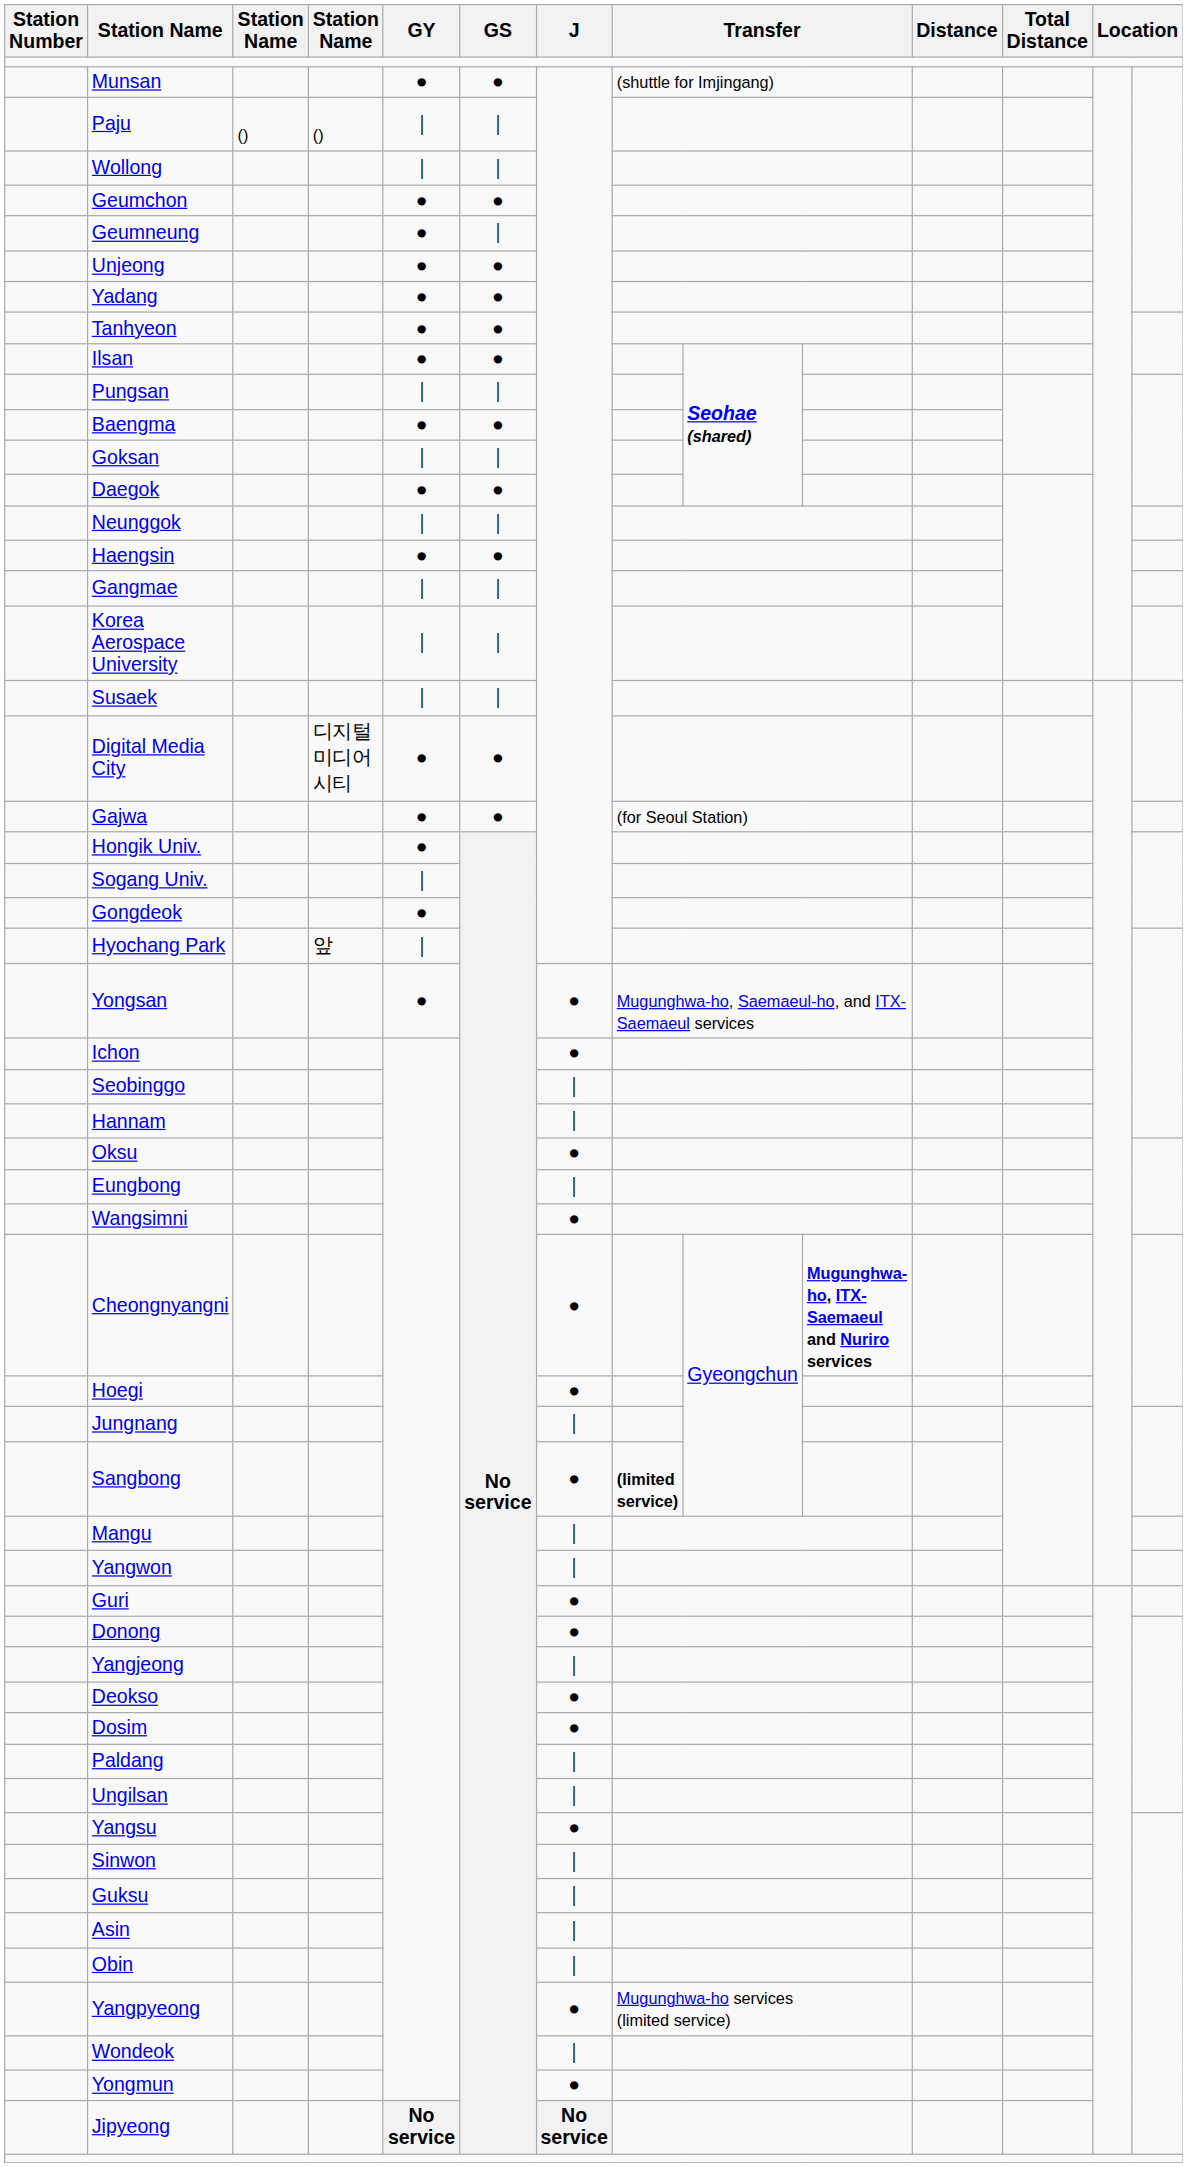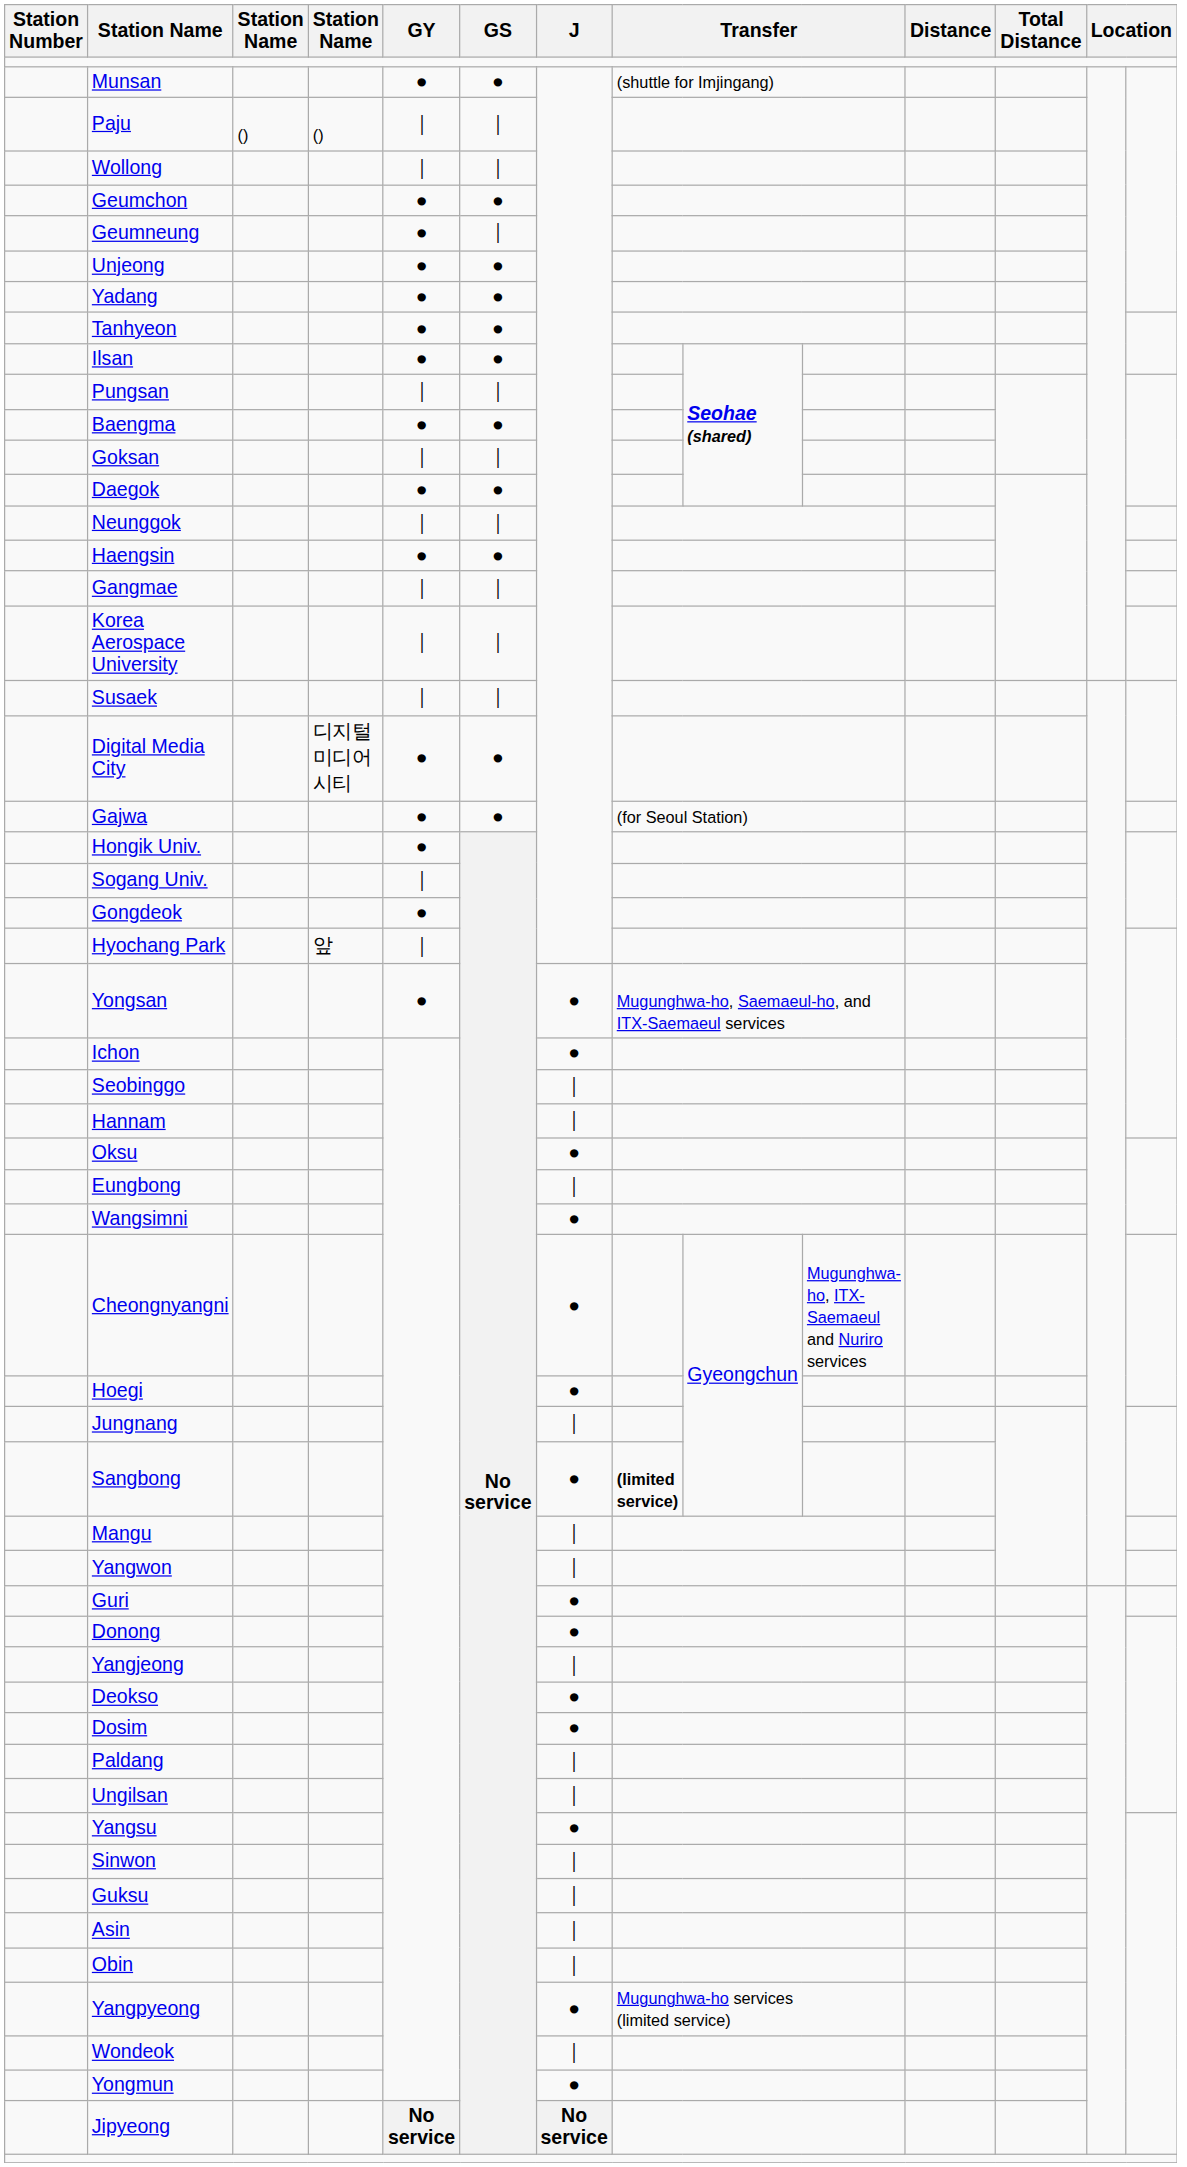 <table class="wikitable">
 <tr>
 <th>Station<br>Number</th>
 <th>Station Name<br></th>
 <th>Station Name<br></th>
 <th>Station Name<br></th>
 <th style="width:35px;"><span>GY</span></th>
 <th style="width:35px;"><span>GS</span></th>
 <th style="width:35px;"><span>J</span></th>
 <th colspan = "3">Transfer</th>
 <th>Distance<br></th>
 <th>Total<br>Distance</th>
 <th colspan = "2">Location</th>
 </tr>
 <tr style="background:#">
 <td colspan = "14"></td>
 </tr>
 <tr>
 <td></td>
 <td><a href='#'>Munsan</a></td>
 <td></td>
 <td></td>
 <td align=center>●</td>
 <td align=center>●</td>
 <td rowspan = "24"></td>
 <td colspan="3"> <small>(shuttle for Imjingang)</small></td>
 <td></td>
 <td></td>
 <td rowspan = "17"></td>
 <td rowspan = "7"></td>
 </tr>
 <tr>
 <td></td>
 <td><a href='#'>Paju</a></td>
 <td> <br><small>()</small></td>
 <td><br><small>()</small></td>
 <td align=center>｜</td>
 <td align=center>｜</td>
 <td colspan="3"></td>
 <td></td>
 <td></td>
 </tr>
 <tr>
 <td></td>
 <td><a href='#'>Wollong</a></td>
 <td></td>
 <td></td>
 <td align=center>｜</td>
 <td align=center>｜</td>
 <td colspan="3"></td>
 <td></td>
 <td></td>
 </tr>
 <tr>
 <td></td>
 <td><a href='#'>Geumchon</a></td>
 <td></td>
 <td></td>
 <td align=center>●</td>
 <td align=center>●</td>
 <td colspan="3"></td>
 <td></td>
 <td></td>
 </tr>
 <tr>
 <td></td>
 <td><a href='#'>Geumneung</a></td>
 <td></td>
 <td></td>
 <td align=center>●</td>
 <td align=center>｜</td>
 <td colspan="3"></td>
 <td></td>
 <td></td>
 </tr>
 <tr>
 <td></td>
 <td><a href='#'>Unjeong</a></td>
 <td></td>
 <td></td>
 <td align=center>●</td>
 <td align=center>●</td>
 <td colspan="3"></td>
 <td></td>
 <td></td>
 </tr>
 <tr>
 <td></td>
 <td><a href='#'>Yadang</a></td>
 <td></td>
 <td></td>
 <td align=center>●</td>
 <td align=center>●</td>
 <td colspan="3"></td>
 <td></td>
 <td></td>
 </tr>
 <tr>
 <td></td>
 <td><a href='#'>Tanhyeon</a></td>
 <td></td>
 <td></td>
 <td align=center>●</td>
 <td align=center>●</td>
 <td colspan="3"></td>
 <td></td>
 <td></td>
 <td rowspan = "2" width = "100pt"></td>
 </tr>
 <tr>
 <td></td>
 <td><a href='#'>Ilsan</a></td>
 <td></td>
 <td></td>
 <td align=center>●</td>
 <td align=center>●</td>
 <td style="color:white;background-color:#"></td>
 <td rowspan=5 style="width:60px;"><strong><em><a href='#'>Seohae</a><strong><br><small>(shared)</small><em></td>
 <td></td>
 <td></td>
 <td></td>
 </tr>
 <tr>
 <td></td>
 <td><a href='#'>Pungsan</a></td>
 <td></td>
 <td></td>
 <td align=center>｜</td>
 <td align=center>｜</td>
 <td></td>
 <td></td>
 <td></td>
 <td rowspan = "3" width = "100pt"></td>
 </tr>
 <tr>
 <td></td>
 <td><a href='#'>Baengma</a></td>
 <td></td>
 <td></td>
 <td align=center>●</td>
 <td align=center>●</td>
 <td></td>
 <td></td>
 <td></td>
 </tr>
 <tr>
 <td></td>
 <td><a href='#'>Goksan</a></td>
 <td></td>
 <td></td>
 <td align=center>｜</td>
 <td align=center>｜</td>
 <td></td>
 <td></td>
 <td></td>
 </tr>
 <tr>
 <td></td>
 <td><a href='#'>Daegok</a></td>
 <td></td>
 <td></td>
 <td align=center>●</td>
 <td align=center>●</td>
 <td></td>
 <td></td>
 <td></td>
 <td rowspan = "5" width = "100pt"></td>
 </tr>
 <tr>
 <td></td>
 <td><a href='#'>Neunggok</a></td>
 <td></td>
 <td></td>
 <td align=center>｜</td>
 <td align=center>｜</td>
 <td colspan = "3"></td>
 <td></td>
 <td></td>
 </tr>
 <tr>
 <td></td>
 <td><a href='#'>Haengsin</a></td>
 <td></td>
 <td></td>
 <td align=center>●</td>
 <td align=center>●</td>
 <td colspan = "3"></td>
 <td></td>
 <td></td>
 </tr>
 <tr>
 <td></td>
 <td><a href='#'>Gangmae</a></td>
 <td></td>
 <td></td>
 <td align=center>｜</td>
 <td align=center>｜</td>
 <td colspan = "3"></td>
 <td></td>
 <td></td>
 </tr>
 <tr>
 <td></td>
 <td><a href='#'>Korea Aerospace University</a></td>
 <td></td>
 <td></td>
 <td align=center>｜</td>
 <td align=center>｜</td>
 <td colspan = "3"></td>
 <td></td>
 <td></td>
 </tr>
 <tr>
 <td></td>
 <td><a href='#'>Susaek</a></td>
 <td></td>
 <td></td>
 <td align=center>｜</td>
 <td align=center>｜</td>
 <td colspan = "3"></td>
 <td></td>
 <td></td>
 <td rowspan = "20" width = "75pt"></td>
 <td rowspan = "2" width = "100pt"></td>
 </tr>
 <tr>
 <td></td>
 <td><a href='#'>Digital Media City</a></td>
 <td></td>
 <td>디지털미디어시티</td>
 <td align=center>●</td>
 <td align=center>●</td>
 <td colspan = "3"> </td>
 <td></td>
 <td></td>
 </tr>
 <tr>
 <td></td>
 <td><a href='#'>Gajwa</a></td>
 <td></td>
 <td></td>
 <td align=center>●</td>
 <td align=center>●</td>
 <td colspan = "3"> <small>(for Seoul Station)</small></td>
 <td></td>
 <td></td>
 <td rowspan = "1" width = "100pt"></td>
 </tr>
 <tr>
 <td></td>
 <td><a href='#'>Hongik Univ.</a></td>
 <td></td>
 <td></td>
 <td align=center>●</td>
 <th align="center" rowspan = 33>No service</th>
 <td colspan = "3"> </td>
 <td></td>
 <td></td>
 <td rowspan = "3" width = "100pt"></td>
 </tr>
 <tr>
 <td></td>
 <td><a href='#'>Sogang Univ.</a></td>
 <td></td>
 <td></td>
 <td align=center>｜</td>
 <td colspan = "3"></td>
 <td></td>
 <td></td>
 </tr>
 <tr>
 <td></td>
 <td><a href='#'>Gongdeok</a></td>
 <td></td>
 <td></td>
 <td align=center>●</td>
 <td colspan = "3">  </td>
 <td></td>
 <td></td>
 </tr>
 <tr>
 <td></td>
 <td><a href='#'>Hyochang Park</a></td>
 <td></td>
 <td>앞</td>
 <td align=center>｜</td>
 <td colspan = "3"></td>
 <td></td>
 <td></td>
 <td rowspan = "5" width = "100pt"></td>
 </tr>
 <tr>
 <td></td>
 <td><a href='#'>Yongsan</a></td>
 <td></td>
 <td></td>
 <td align=center>●</td>
 <td align=center>●</td>
 <td colspan = "3"><br> <small><a href='#'>Mugunghwa-ho</a>, <a href='#'>Saemaeul-ho</a>, and <a href='#'>ITX-Saemaeul</a> services</small><br></td>
 <td></td>
 <td></td>
 </tr>
 <tr>
 <td></td>
 <td><a href='#'>Ichon</a></td>
 <td></td>
 <td></td>
 <td rowspan = "27"></td>
 <td align=center>●</td>
 <td colspan = "3"></td>
 <td></td>
 <td></td>
 </tr>
 <tr>
 <td></td>
 <td><a href='#'>Seobinggo</a></td>
 <td></td>
 <td></td>
 <td align=center>｜</td>
 <td colspan = "3"></td>
 <td></td>
 <td></td>
 </tr>
 <tr>
 <td></td>
 <td><a href='#'>Hannam</a></td>
 <td></td>
 <td></td>
 <td align=center>｜</td>
 <td colspan = "3"></td>
 <td></td>
 <td></td>
 </tr>
 <tr>
 <td></td>
 <td><a href='#'>Oksu</a></td>
 <td></td>
 <td></td>
 <td align=center>●</td>
 <td colspan = "3"></td>
 <td></td>
 <td></td>
 <td rowspan = "3"></td>
 </tr>
 <tr>
 <td></td>
 <td><a href='#'>Eungbong</a></td>
 <td></td>
 <td></td>
 <td align=center>｜</td>
 <td colspan = "3"></td>
 <td></td>
 <td></td>
 </tr>
 <tr>
 <td></td>
 <td><a href='#'>Wangsimni</a></td>
 <td></td>
 <td></td>
 <td align=center>●</td>
 <td colspan = "3">  </td>
 <td></td>
 <td></td>
 </tr>
 <tr>
 <td></td>
 <td><a href='#'>Cheongnyangni</a></td>
 <td></td>
 <td></td>
 <td align=center>●</td>
 <td style="color:white;background-color:#"></td>
 <td rowspan="4" style="width:60px;"></strong><a href='#'>Gyeongchun</a><strong><br></td>
-<td><strong>  <br> <small><a href='#'>Mugunghwa-ho</a>, <a href='#'>ITX-Saemaeul</a> and <a href='#'>Nuriro</a> services</small><br></strong></td>
+<td>  <br> <small><a href='#'>Mugunghwa-ho</a>, <a href='#'>ITX-Saemaeul</a> and <a href='#'>Nuriro</a> services</small><br></td>
 <td></td>
 <td></td>
 <td rowspan = "2"></td>
 </tr>
 <tr>
 <td></td>
 <td><a href='#'>Hoegi</a></td>
 <td></td>
 <td></td>
 <td align=center>●</td>
 <td></td>
 <td></td>
 <td></td>
 </tr>
 <tr>
 <td></td>
 <td><a href='#'>Jungnang</a></td>
 <td></td>
 <td></td>
 <td align=center>｜</td>
 <td></td>
 <td></td>
 <td></td>
 <td rowspan = "4"></td>
 </tr>
 <tr>
 <td></td>
 <td><a href='#'>Sangbong</a></td>
 <td></td>
 <td></td>
 <td align=center>●</td>
 <td><strong> <br> <small>(limited service)</small></strong></td>
 <td></td>
 <td></td>
 </tr>
 <tr>
 <td></td>
 <td><a href='#'>Mangu</a></td>
 <td></td>
 <td></td>
 <td align=center>｜</td>
 <td colspan = "3"></td>
 <td></td>
 <td></td>
 </tr>
 <tr>
 <td></td>
 <td><a href='#'>Yangwon</a></td>
 <td></td>
 <td></td>
 <td align=center>｜</td>
 <td colspan = "3"></td>
 <td></td>
 <td></td>
 </tr>
 <tr>
 <td></td>
 <td><a href='#'>Guri</a></td>
 <td></td>
 <td></td>
 <td align=center>●</td>
 <td colspan = "3"></td>
 <td></td>
 <td></td>
 <td rowspan = "16"></td>
 <td></td>
 </tr>
 <tr>
 <td></td>
 <td><a href='#'>Donong</a></td>
 <td></td>
 <td></td>
 <td align=center>●</td>
 <td colspan = "3"></td>
 <td></td>
 <td></td>
 <td rowspan = "6"></td>
 </tr>
 <tr>
 <td></td>
 <td><a href='#'>Yangjeong</a></td>
 <td></td>
 <td></td>
 <td align=center>｜</td>
 <td colspan = "3"></td>
 <td></td>
 <td></td>
 </tr>
 <tr>
 <td></td>
 <td><a href='#'>Deokso</a></td>
 <td></td>
 <td></td>
 <td align=center>●</td>
 <td colspan = "3"></td>
 <td></td>
 <td></td>
 </tr>
 <tr>
 <td></td>
 <td><a href='#'>Dosim</a></td>
 <td></td>
 <td></td>
 <td align=center>●</td>
 <td colspan = "3"></td>
 <td></td>
 <td></td>
 </tr>
 <tr>
 <td></td>
 <td><a href='#'>Paldang</a></td>
 <td></td>
 <td></td>
 <td align=center>｜</td>
 <td colspan = "3"></td>
 <td></td>
 <td></td>
 </tr>
 <tr>
 <td></td>
 <td><a href='#'>Ungilsan</a></td>
 <td></td>
 <td></td>
 <td align=center>｜</td>
 <td colspan = "3"></td>
 <td></td>
 <td></td>
 </tr>
 <tr>
 <td></td>
 <td><a href='#'>Yangsu</a></td>
 <td></td>
 <td></td>
 <td align=center>●</td>
 <td colspan = "3"></td>
 <td></td>
 <td></td>
 <td rowspan = "9"></td>
 </tr>
 <tr>
 <td></td>
 <td><a href='#'>Sinwon</a></td>
 <td></td>
 <td></td>
 <td align=center>｜</td>
 <td colspan = "3"></td>
 <td></td>
 <td></td>
 </tr>
 <tr>
 <td></td>
 <td><a href='#'>Guksu</a></td>
 <td></td>
 <td></td>
 <td align=center>｜</td>
 <td colspan = "3"></td>
 <td></td>
 <td></td>
 </tr>
 <tr>
 <td></td>
 <td><a href='#'>Asin</a></td>
 <td></td>
 <td></td>
 <td align=center>｜</td>
 <td colspan = "3"></td>
 <td></td>
 <td></td>
 </tr>
 <tr>
 <td></td>
 <td><a href='#'>Obin</a></td>
 <td></td>
 <td></td>
 <td align=center>｜</td>
 <td colspan = "3"></td>
 <td></td>
 <td></td>
 </tr>
 <tr>
 <td></td>
 <td><a href='#'>Yangpyeong</a></td>
 <td></td>
 <td></td>
 <td align=center>●</td>
 <td colspan = "3"> <small><a href='#'>Mugunghwa-ho</a> services</small><br> <small>(limited service)</small></td>
 <td></td>
 <td></td>
 </tr>
 <tr>
 <td></td>
 <td><a href='#'>Wondeok</a></td>
 <td></td>
 <td></td>
 <td align=center>｜</td>
 <td colspan = "3"></td>
 <td></td>
 <td></td>
 </tr>
 <tr>
 <td></td>
 <td><a href='#'>Yongmun</a></td>
 <td></td>
 <td></td>
 <td align=center>●</td>
 <td colspan = "3"></td>
 <td></td>
 <td></td>
 </tr>
 <tr>
 <td></td>
 <td><a href='#'>Jipyeong</a></td>
 <td></td>
 <td></td>
 <th>No service</th>
 <th align="center">No service</th>
 <td colspan = "3"></td>
 <td></td>
 <td></td>
 </tr>
 <tr style="background:#">
 <td colspan = "14"></td>
 </tr>
 </table>
